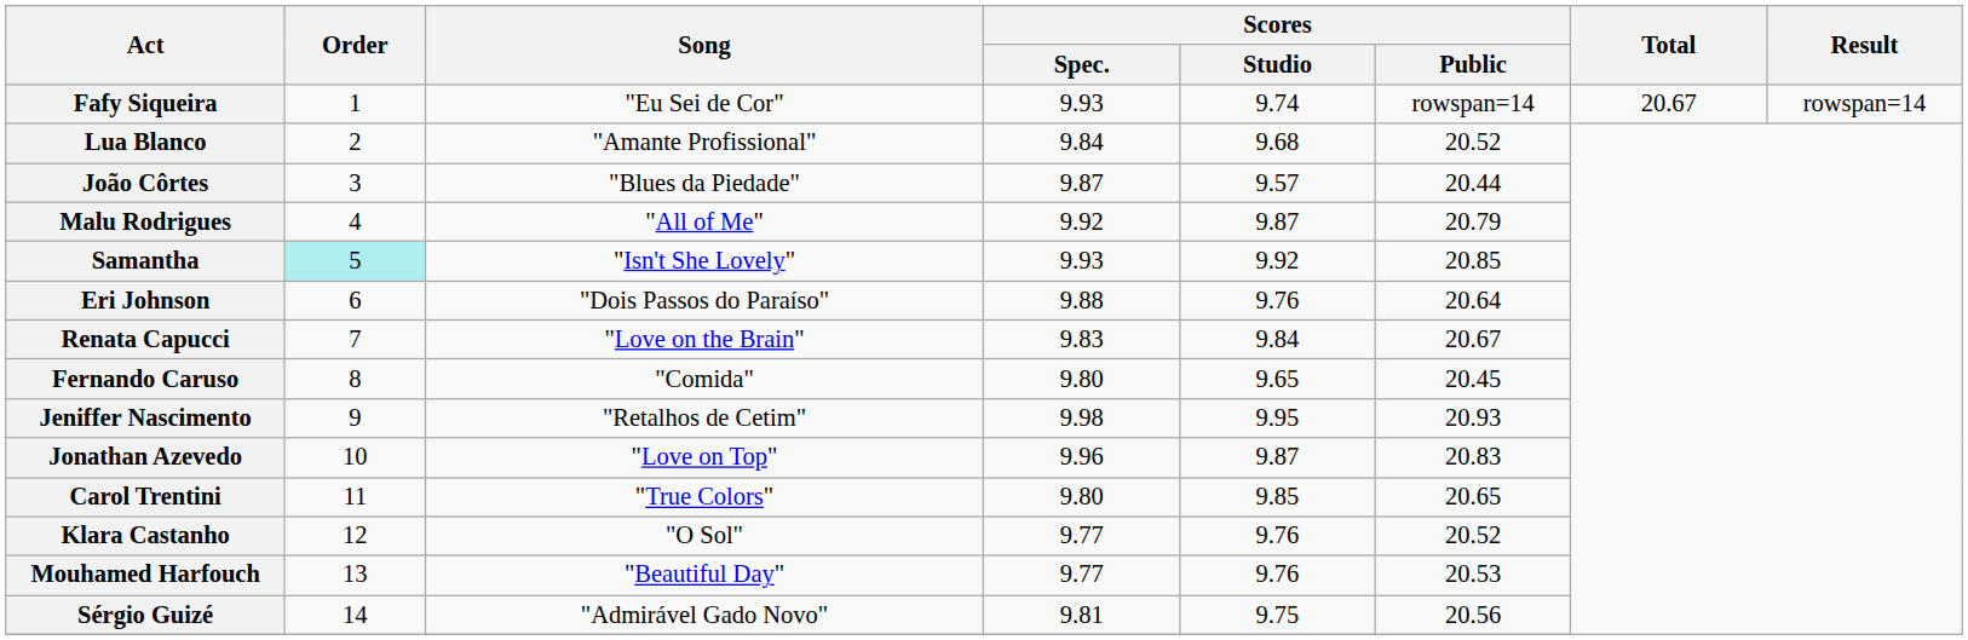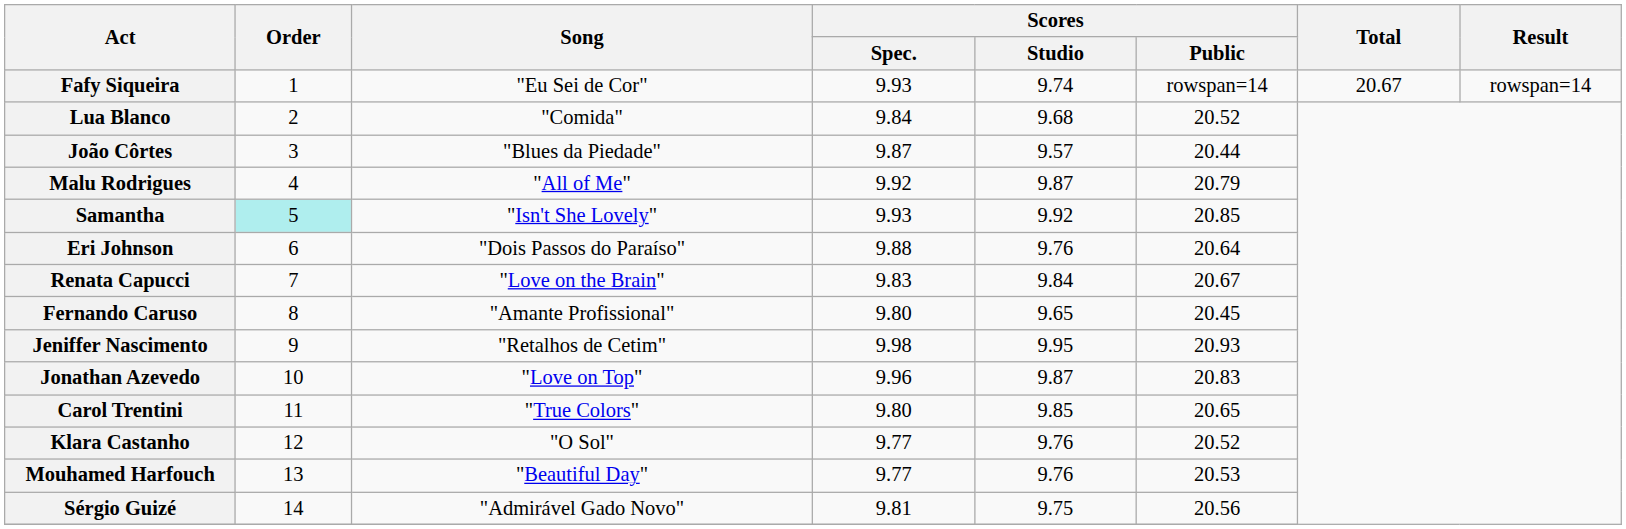 <table class="wikitable plainrowheaders" style="text-align:center; width:100%;">
 <tr>
 <th scope="col" rowspan=2 width="10.0%">Act</th>
 <th scope="col" rowspan=2 width="05.0%">Order</th>
 <th scope="col" rowspan=2 width="20.0%">Song</th>
 <th scope="col" colspan=3 width="20.0%">Scores</th>
 <th scope="col" rowspan=2 width="07.0%">Total</th>
 <th scope="col" rowspan=2 width="07.0%">Result</th>
 </tr>
 <tr>
 <th scope="col" width="07.0%">Spec.</th>
 <th scope="col" width="07.0%">Studio</th>
 <th scope="col" width="07.0%">Public</th>
 </tr>
 <tr>
 <th scope="row">Fafy Siqueira</th>
 <td>1</td>
 <td>"Eu Sei de Cor"</td>
 <td>9.93 </td>
 <td>9.74</td>
 <td>rowspan=14 </td>
 <td>20.67</td>
 <td>rowspan=14 </td>
 </tr>
 <tr>
 <th scope="row">Lua Blanco</th>
 <td>2</td>
-<td>"Amante Profissional"</td>
+<td>"Comida"</td>
 <td>9.84 </td>
 <td>9.68</td>
 <td>20.52</td>
 </tr>
 <tr>
 <th scope="row">João Côrtes</th>
 <td>3</td>
 <td>"Blues da Piedade"</td>
 <td>9.87 </td>
 <td>9.57</td>
 <td>20.44</td>
 </tr>
 <tr>
 <th scope="row">Malu Rodrigues</th>
 <td>4</td>
 <td>"<a href='#'>All of Me</a>"</td>
 <td>9.92 </td>
 <td>9.87</td>
 <td>20.79</td>
 </tr>
 <tr>
 <th scope="row">Samantha</th>
 <td style="background: paleturquoise;">5</td>
 <td>"<a href='#'>Isn't She Lovely</a>"</td>
 <td>9.93 </td>
 <td>9.92</td>
 <td>20.85</td>
 </tr>
 <tr>
 <th scope="row">Eri Johnson</th>
 <td>6</td>
 <td>"Dois Passos do Paraíso"</td>
 <td>9.88 </td>
 <td>9.76</td>
 <td>20.64</td>
 </tr>
 <tr>
 <th scope="row">Renata Capucci</th>
 <td>7</td>
 <td>"<a href='#'>Love on the Brain</a>"</td>
 <td>9.83 </td>
 <td>9.84</td>
 <td>20.67</td>
 </tr>
 <tr>
 <th scope="row">Fernando Caruso</th>
 <td>8</td>
-<td>"Comida"</td>
+<td>"Amante Profissional"</td>
 <td>9.80 </td>
 <td>9.65</td>
 <td>20.45</td>
 </tr>
 <tr>
 <th scope="row">Jeniffer Nascimento</th>
 <td>9</td>
 <td>"Retalhos de Cetim"</td>
 <td>9.98 </td>
 <td>9.95</td>
 <td>20.93</td>
 </tr>
 <tr>
 <th scope="row">Jonathan Azevedo</th>
 <td>10</td>
 <td>"<a href='#'>Love on Top</a>"</td>
 <td>9.96 </td>
 <td>9.87</td>
 <td>20.83</td>
 </tr>
 <tr>
 <th scope="row">Carol Trentini</th>
 <td>11</td>
 <td>"<a href='#'>True Colors</a>"</td>
 <td>9.80 </td>
 <td>9.85</td>
 <td>20.65</td>
 </tr>
 <tr>
 <th scope="row">Klara Castanho</th>
 <td>12</td>
 <td>"O Sol"</td>
 <td>9.77 </td>
 <td>9.76</td>
 <td>20.52</td>
 </tr>
 <tr>
 <th scope="row">Mouhamed Harfouch</th>
 <td>13</td>
 <td>"<a href='#'>Beautiful Day</a>"</td>
 <td>9.77 </td>
 <td>9.76</td>
 <td>20.53</td>
 </tr>
 <tr>
 <th scope="row">Sérgio Guizé</th>
 <td>14</td>
 <td>"Admirável Gado Novo"</td>
 <td>9.81 </td>
 <td>9.75</td>
 <td>20.56</td>
 </tr>
 <tr>
 </tr>
 </table>
